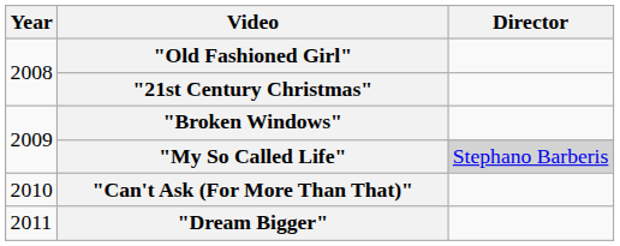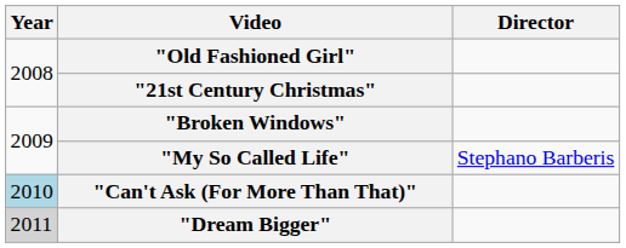 <table class="wikitable plainrowheaders">
 <tr>
 <th>Year</th>
 <th style="width:18em;">Video</th>
 <th>Director</th>
 </tr>
 <tr>
 <td rowspan="2">2008</td>
 <th scope="row">"Old Fashioned Girl"</th>
 <td></td>
 </tr>
 <tr>
 <th scope="row">"21st Century Christmas"</th>
 <td></td>
 </tr>
 <tr>
 <td rowspan="2">2009</td>
 <th scope="row">"Broken Windows"</th>
 <td></td>
 </tr>
 <tr>
 <th scope="row">"My So Called Life"</th>
-<td style="background: lightgrey;"><a href='#'>Stephano Barberis</a></td>
+<td><a href='#'>Stephano Barberis</a></td>
 </tr>
 <tr>
-<td>2010</td>
+<td style="background: lightblue;">2010</td>
 <th scope="row">"Can't Ask (For More Than That)"</th>
 <td></td>
 </tr>
 <tr>
-<td>2011</td>
+<td style="background: lightgrey;">2011</td>
 <th scope="row">"Dream Bigger"</th>
 <td></td>
 </tr>
 </table>
